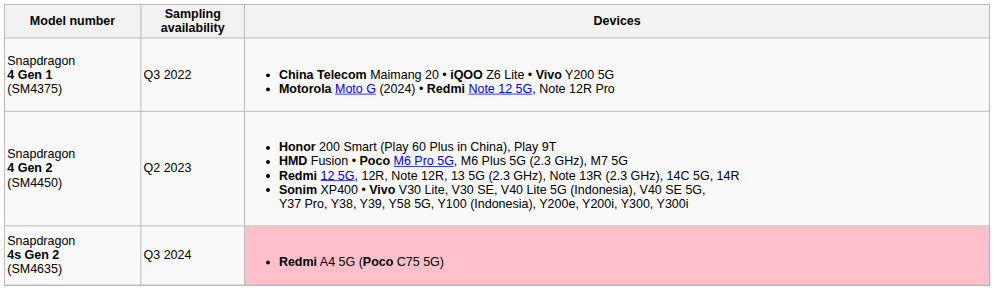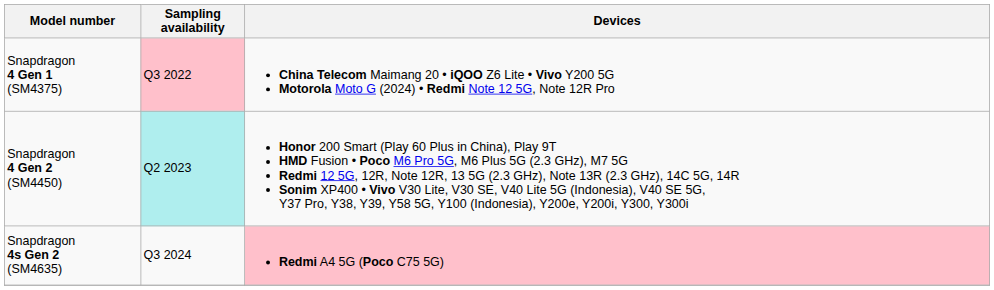 <table class="wikitable" style="width:100%">
 <tr>
 <th>Model number</th>
 <th>Sampling<br>availability</th>
 <th>Devices</th>
 </tr>
 <tr>
 <td>Snapdragon<br><b>4 Gen 1</b><br>(SM4375)</td>
-<td>Q3 2022</td>
+<td style="background: pink;">Q3 2022</td>
 <td><br><ul><li><strong>China Telecom</strong> Maimang 20 • <strong>iQOO</strong> Z6 Lite • <strong>Vivo</strong> Y200 5G</li><li><strong>Motorola</strong> <a href='#'>Moto G</a> (2024) • <strong>Redmi</strong> <a href='#'>Note 12 5G</a>, Note 12R Pro</li></ul></td>
 </tr>
 <tr>
 <td>Snapdragon<br><b>4 Gen 2</b><br>(SM4450)</td>
-<td>Q2 2023</td>
+<td style="background: paleturquoise;">Q2 2023</td>
 <td><br><ul><li><strong>Honor</strong> 200 Smart (Play 60 Plus in China), Play 9T</li><li><strong>HMD</strong> Fusion • <strong>Poco</strong> <a href='#'>M6 Pro 5G</a>, M6 Plus 5G (2.3 GHz), M7 5G</li><li><strong>Redmi</strong> <a href='#'>12 5G</a>, 12R, Note 12R, 13 5G (2.3 GHz), Note 13R (2.3 GHz), 14C 5G, 14R</li><li><strong>Sonim</strong> XP400 • <strong>Vivo</strong> V30 Lite, V30 SE, V40 Lite 5G (Indonesia), V40 SE 5G, <br>Y37 Pro, Y38, Y39, Y58 5G, Y100 (Indonesia), Y200e, Y200i, Y300, Y300i</li></ul></td>
 </tr>
 <tr>
 <td>Snapdragon<br><b>4s Gen 2</b><br>(SM4635)</td>
 <td>Q3 2024</td>
 <td style="background: pink;"><br><ul><li><strong>Redmi</strong> A4 5G (<strong>Poco</strong> C75 5G)</li></ul></td>
 </tr>
 <tr>
 </tr>
 </table>
